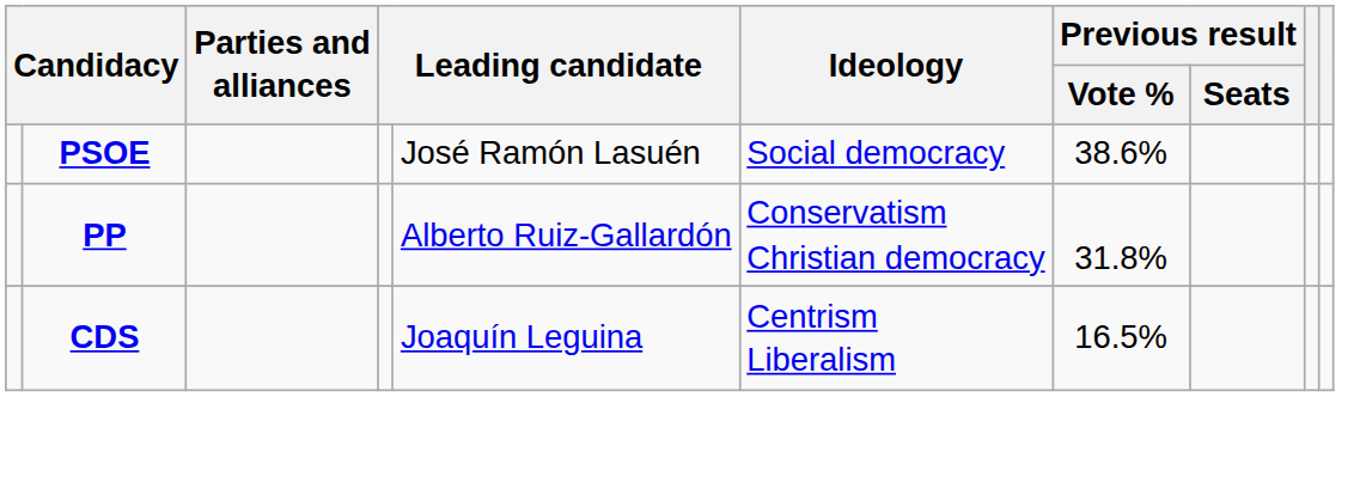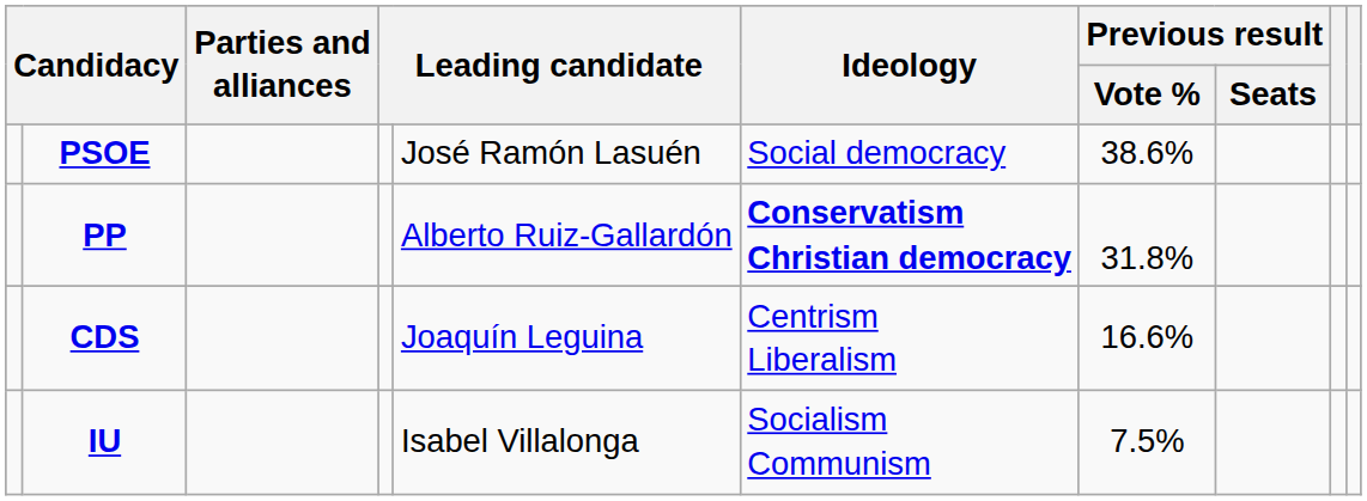 <table class="wikitable" style="line-height:1.35em; text-align:left;">
 <tr>
 <th colspan="2" rowspan="2">Candidacy</th>
 <th rowspan="2">Parties and<br>alliances</th>
 <th colspan="2" rowspan="2">Leading candidate</th>
 <th rowspan="2">Ideology</th>
 <th colspan="2">Previous result</th>
 <th rowspan="2"></th>
 <th rowspan="2"></th>
 </tr>
 <tr>
 <th>Vote %</th>
 <th>Seats</th>
 </tr>
 <tr>
 <td width="1" style="color:inherit;background:"></td>
 <td align="center"><strong><a href='#'>PSOE</a></strong></td>
 <td></td>
 <td></td>
 <td>José Ramón Lasuén</td>
 <td><a href='#'>Social democracy</a></td>
 <td align="center">38.6%</td>
 <td></td>
 <td></td>
 <td></td>
 </tr>
 <tr>
 <td style="color:inherit;background:"></td>
 <td align="center"><strong><a href='#'>PP</a></strong></td>
 <td></td>
 <td></td>
 <td><a href='#'>Alberto Ruiz-Gallardón</a></td>
-<td><a href='#'>Conservatism</a><br><a href='#'>Christian democracy</a></td>
+<td><strong><a href='#'>Conservatism</a><br><a href='#'>Christian democracy</a></strong></td>
 <td align="center"><br>31.8%<br></td>
 <td></td>
 <td></td>
 <td></td>
 </tr>
 <tr>
 <td style="color:inherit;background:"></td>
 <td align="center"><strong><a href='#'>CDS</a></strong></td>
 <td></td>
 <td></td>
 <td><a href='#'>Joaquín Leguina</a></td>
 <td><a href='#'>Centrism</a><br><a href='#'>Liberalism</a></td>
-<td align="center">16.5%</td>
+<td align="center">16.6%</td>
+<td></td>
+<td></td>
+<td></td>
+</tr>
+<tr>
+<td style="color:inherit;background:"></td>
+<td align="center"><strong><a href='#'>IU</a></strong></td>
+<td></td>
+<td></td>
+<td>Isabel Villalonga</td>
+<td><a href='#'>Socialism</a><br><a href='#'>Communism</a></td>
+<td align="center">7.5%</td>
 <td></td>
 <td></td>
 <td></td>
 </tr>
 </table>
